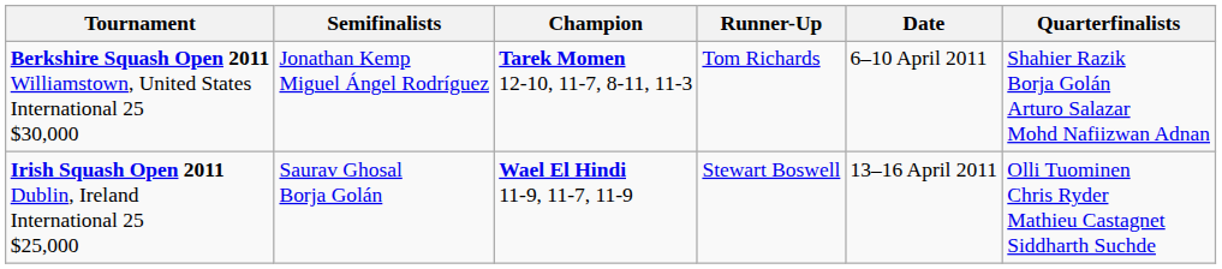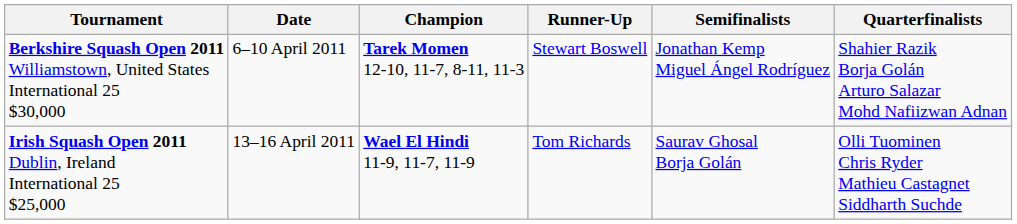 <table class="wikitable" style="font-size:88%">
 <tr>
 <th>Tournament</th>
-<th>Semifinalists</th>
+<th>Date</th>
 <th>Champion</th>
 <th>Runner-Up</th>
-<th>Date</th>
+<th>Semifinalists</th>
 <th>Quarterfinalists</th>
 </tr>
 <tr valign=top>
 <td><strong><a href='#'>Berkshire Squash Open</a> 2011</strong><br> <a href='#'>Williamstown</a>, United States<br>International 25<br>$30,000</td>
+<td>6–10 April 2011</td>
+<td> <strong><a href='#'>Tarek Momen</a></strong><br>12-10, 11-7, 8-11, 11-3</td>
+<td> <a href='#'>Stewart Boswell</a></td>
 <td> <a href='#'>Jonathan Kemp</a><br> <a href='#'>Miguel Ángel Rodríguez</a></td>
-<td> <strong><a href='#'>Tarek Momen</a></strong><br>12-10, 11-7, 8-11, 11-3</td>
-<td> <a href='#'>Tom Richards</a></td>
-<td>6–10 April 2011</td>
 <td> <a href='#'>Shahier Razik</a><br> <a href='#'>Borja Golán</a><br> <a href='#'>Arturo Salazar</a><br> <a href='#'>Mohd Nafiizwan Adnan</a></td>
 </tr>
 <tr valign=top>
 <td><strong><a href='#'>Irish Squash Open</a> 2011</strong><br> <a href='#'>Dublin</a>, Ireland<br>International 25<br>$25,000</td>
+<td>13–16 April 2011</td>
+<td> <strong><a href='#'>Wael El Hindi</a></strong><br>11-9, 11-7, 11-9</td>
+<td> <a href='#'>Tom Richards</a></td>
 <td> <a href='#'>Saurav Ghosal</a><br> <a href='#'>Borja Golán</a></td>
-<td> <strong><a href='#'>Wael El Hindi</a></strong><br>11-9, 11-7, 11-9</td>
-<td> <a href='#'>Stewart Boswell</a></td>
-<td>13–16 April 2011</td>
 <td> <a href='#'>Olli Tuominen</a><br> <a href='#'>Chris Ryder</a><br> <a href='#'>Mathieu Castagnet</a><br> <a href='#'>Siddharth Suchde</a></td>
 </tr>
 </table>
